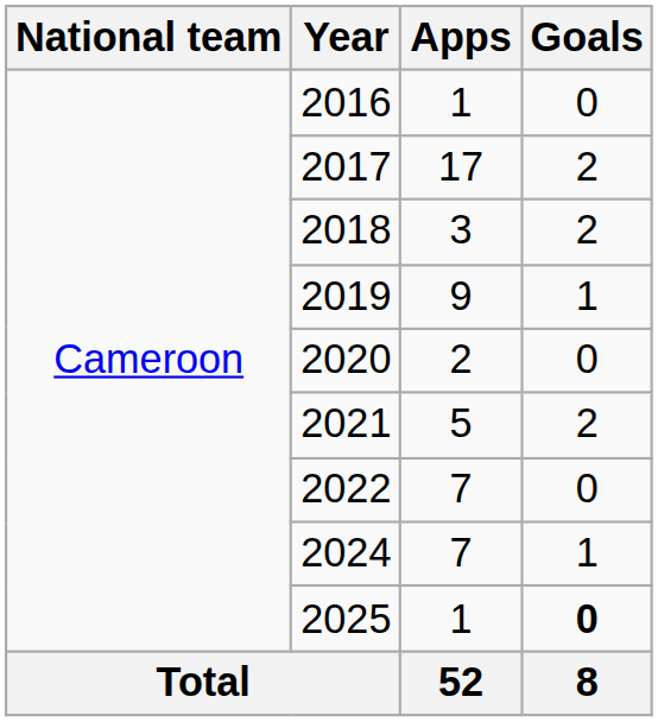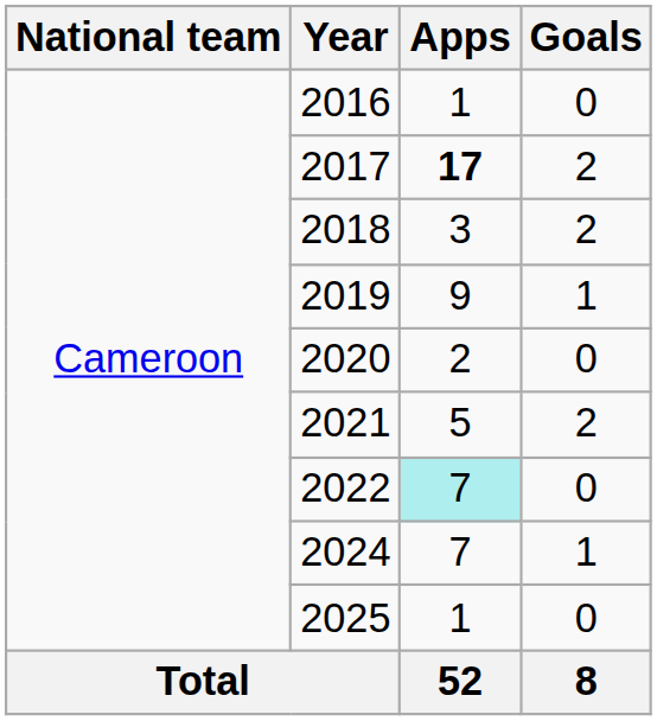 <table class="wikitable" style="text-align:center">
 <tr>
 <th>National team</th>
 <th>Year</th>
 <th>Apps</th>
 <th>Goals</th>
 </tr>
 <tr>
 <td rowspan="9"><a href='#'>Cameroon</a></td>
 <td>2016</td>
 <td>1</td>
 <td>0</td>
 </tr>
 <tr>
 <td>2017</td>
-<td>17</td>
+<td><strong>17</strong></td>
 <td>2</td>
 </tr>
 <tr>
 <td>2018</td>
 <td>3</td>
 <td>2</td>
 </tr>
 <tr>
 <td>2019</td>
 <td>9</td>
 <td>1</td>
 </tr>
 <tr>
 <td>2020</td>
 <td>2</td>
 <td>0</td>
 </tr>
 <tr>
 <td>2021</td>
 <td>5</td>
 <td>2</td>
 </tr>
 <tr>
 <td>2022</td>
-<td>7</td>
+<td style="background: paleturquoise;">7</td>
 <td>0</td>
 </tr>
 <tr>
 <td>2024</td>
 <td>7</td>
 <td>1</td>
 </tr>
 <tr>
 <td>2025</td>
 <td>1</td>
-<td><strong>0</strong></td>
+<td>0</td>
 </tr>
 <tr>
 <th colspan="2">Total</th>
 <th>52</th>
 <th>8</th>
 </tr>
 </table>
